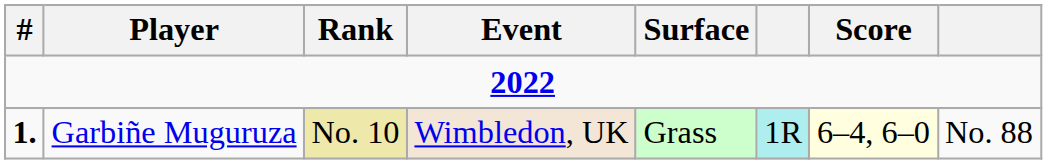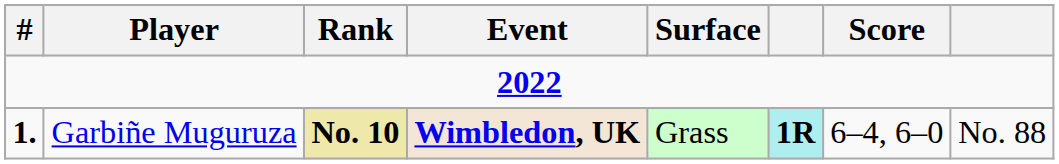 <table class="wikitable sortable">
 <tr>
 <th>#</th>
 <th>Player</th>
 <th>Rank</th>
 <th>Event</th>
 <th>Surface</th>
 <th></th>
 <th>Score</th>
 <th></th>
 </tr>
 <tr>
 <td colspan="8" align="center"><strong><a href='#'>2022</a></strong></td>
 </tr>
 <tr>
 <td><strong>1.</strong></td>
 <td> <a href='#'>Garbiñe Muguruza</a></td>
-<td bgcolor="eee8aa">No. 10</td>
-<td style="background:#f3e6d7;"><a href='#'>Wimbledon</a>, UK</td>
+<td bgcolor="eee8aa"><strong>No. 10</strong></td>
+<td style="background:#f3e6d7;"><strong><a href='#'>Wimbledon</a>, UK</strong></td>
 <td bgcolor="#cfc">Grass</td>
-<td bgcolor="afeeee">1R</td>
-<td style="background: lightyellow;">6–4, 6–0</td>
+<td bgcolor="afeeee"><strong>1R</strong></td>
+<td>6–4, 6–0</td>
 <td>No. 88</td>
 </tr>
 </table>
